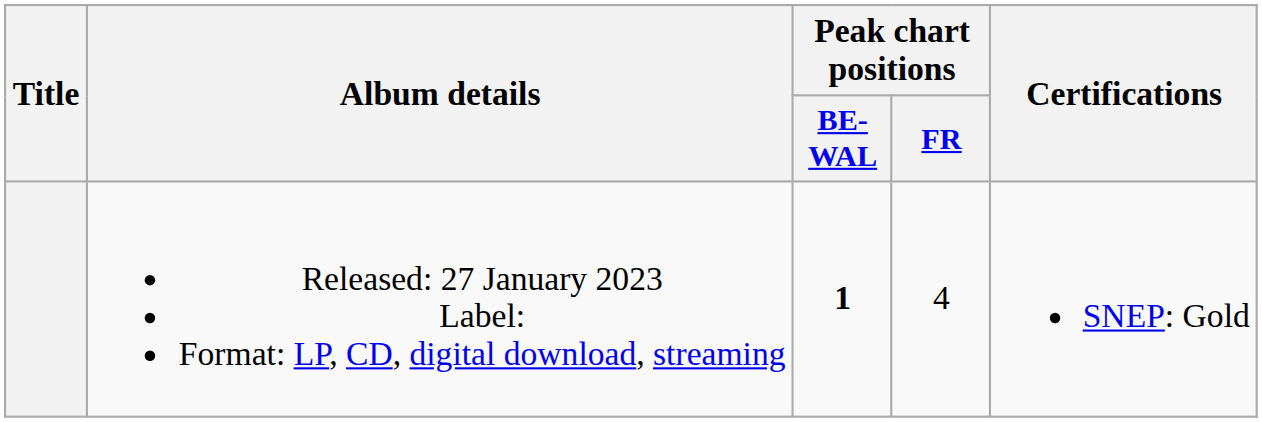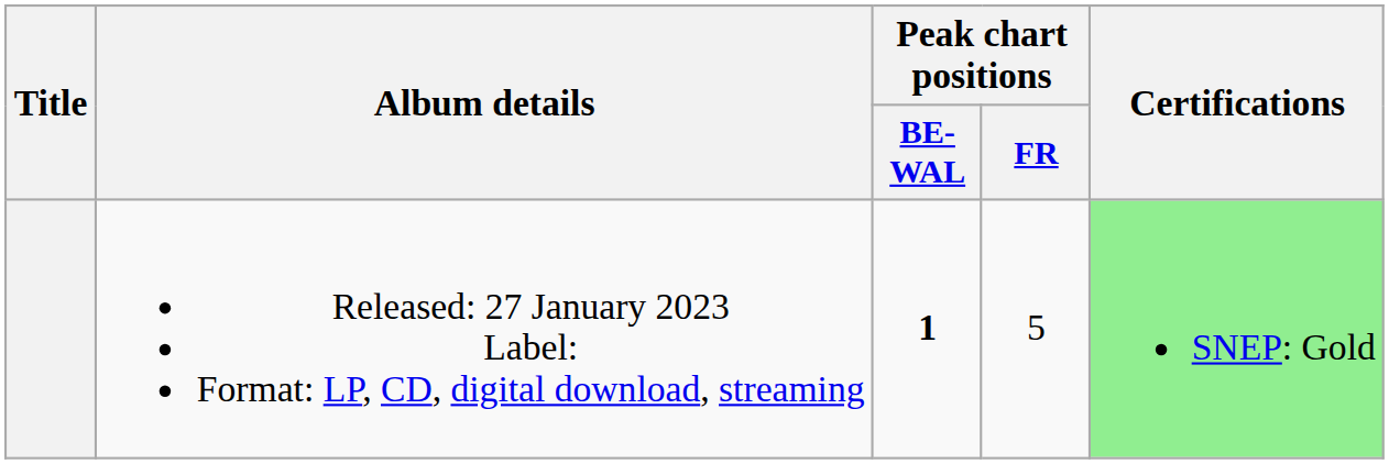 <table class="wikitable plainrowheaders" style="text-align:center;">
 <tr>
 <th scope="col" rowspan="2">Title</th>
 <th scope="col" rowspan="2">Album details</th>
 <th scope="col" colspan="2">Peak chart positions</th>
 <th scope="col" rowspan="2">Certifications</th>
 </tr>
 <tr>
 <th scope="col" style="width:2.8em;font-size:90%;"><a href='#'>BE-WAL</a><br></th>
 <th scope="col" style="width:2.8em;font-size:90%;"><a href='#'>FR</a><br></th>
 </tr>
 <tr>
 <th scope="row"></th>
 <td><br><ul><li>Released: 27 January 2023</li><li>Label: </li><li>Format: <a href='#'>LP</a>, <a href='#'>CD</a>, <a href='#'>digital download</a>, <a href='#'>streaming</a></li></ul></td>
 <td><strong>1</strong></td>
-<td>4</td>
-<td><br><ul><li><a href='#'>SNEP</a>: Gold</li></ul></td>
+<td>5</td>
+<td style="background: lightgreen;"><br><ul><li><a href='#'>SNEP</a>: Gold</li></ul></td>
 </tr>
 </table>
